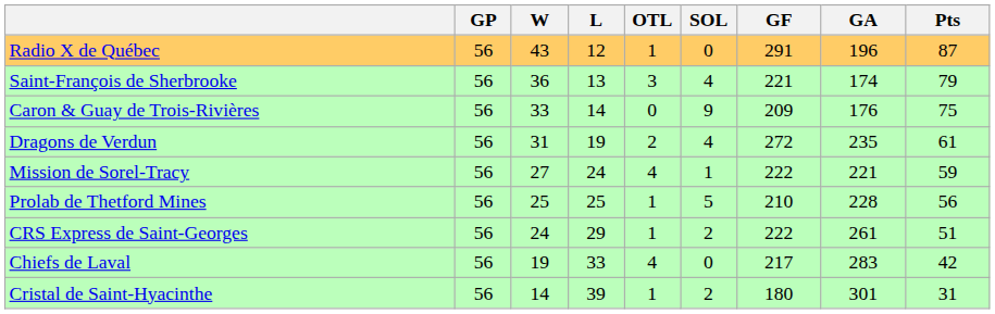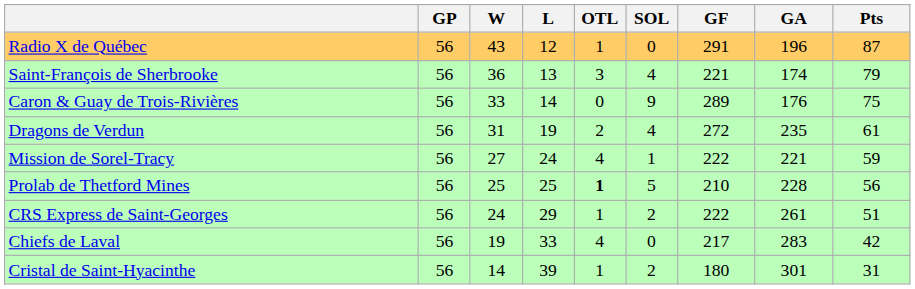 <table class="wikitable">
 <tr>
 <th width="40%" bgcolor="#e0e0e0"></th>
 <th width="5%" bgcolor="#e0e0e0">GP</th>
 <th width="5%" bgcolor="#e0e0e0">W</th>
 <th width="5%" bgcolor="#e0e0e0">L</th>
 <th width="5%" bgcolor="#e0e0e0">OTL</th>
 <th width="5%" bgcolor="#e0e0e0">SOL</th>
 <th width="7.5%" bgcolor="#e0e0e0">GF</th>
 <th width="7.5%" bgcolor="#e0e0e0">GA</th>
 <th width="7.5%" bgcolor="#e0e0e0">Pts</th>
 </tr>
 <tr align="center" bgcolor="#FFCC66">
 <td align="left"><a href='#'>Radio X de Québec</a></td>
 <td>56</td>
 <td>43</td>
 <td>12</td>
 <td>1</td>
 <td>0</td>
 <td>291</td>
 <td>196</td>
 <td>87</td>
 </tr>
 <tr align="center" bgcolor="#bbffbb">
 <td align="left"><a href='#'>Saint-François de Sherbrooke</a></td>
 <td>56</td>
 <td>36</td>
 <td>13</td>
 <td>3</td>
 <td>4</td>
 <td>221</td>
 <td>174</td>
 <td>79</td>
 </tr>
 <tr align="center" bgcolor="#bbffbb">
 <td align="left"><a href='#'>Caron & Guay de Trois-Rivières</a></td>
 <td>56</td>
 <td>33</td>
 <td>14</td>
 <td>0</td>
 <td>9</td>
-<td>209</td>
+<td>289</td>
 <td>176</td>
 <td>75</td>
 </tr>
 <tr align="center" bgcolor="#bbffbb">
 <td align="left"><a href='#'>Dragons de Verdun</a></td>
 <td>56</td>
 <td>31</td>
 <td>19</td>
 <td>2</td>
 <td>4</td>
 <td>272</td>
 <td>235</td>
 <td>61</td>
 </tr>
 <tr align="center" bgcolor="#bbffbb">
 <td align="left"><a href='#'>Mission de Sorel-Tracy</a></td>
 <td>56</td>
 <td>27</td>
 <td>24</td>
 <td>4</td>
 <td>1</td>
 <td>222</td>
 <td>221</td>
 <td>59</td>
 </tr>
 <tr align="center" bgcolor="#bbffbb">
 <td align="left"><a href='#'>Prolab de Thetford Mines</a></td>
 <td>56</td>
 <td>25</td>
 <td>25</td>
-<td>1</td>
+<td><strong>1</strong></td>
 <td>5</td>
 <td>210</td>
 <td>228</td>
 <td>56</td>
 </tr>
 <tr align="center" bgcolor="#bbffbb">
 <td align="left"><a href='#'>CRS Express de Saint-Georges</a></td>
 <td>56</td>
 <td>24</td>
 <td>29</td>
 <td>1</td>
 <td>2</td>
 <td>222</td>
 <td>261</td>
 <td>51</td>
 </tr>
 <tr align="center" bgcolor="#bbffbb">
 <td align="left"><a href='#'>Chiefs de Laval</a></td>
 <td>56</td>
 <td>19</td>
 <td>33</td>
 <td>4</td>
 <td>0</td>
 <td>217</td>
 <td>283</td>
 <td>42</td>
 </tr>
 <tr align="center" bgcolor="#bbffbb">
 <td align="left"><a href='#'>Cristal de Saint-Hyacinthe</a></td>
 <td>56</td>
 <td>14</td>
 <td>39</td>
 <td>1</td>
 <td>2</td>
 <td>180</td>
 <td>301</td>
 <td>31</td>
 </tr>
 </table>
